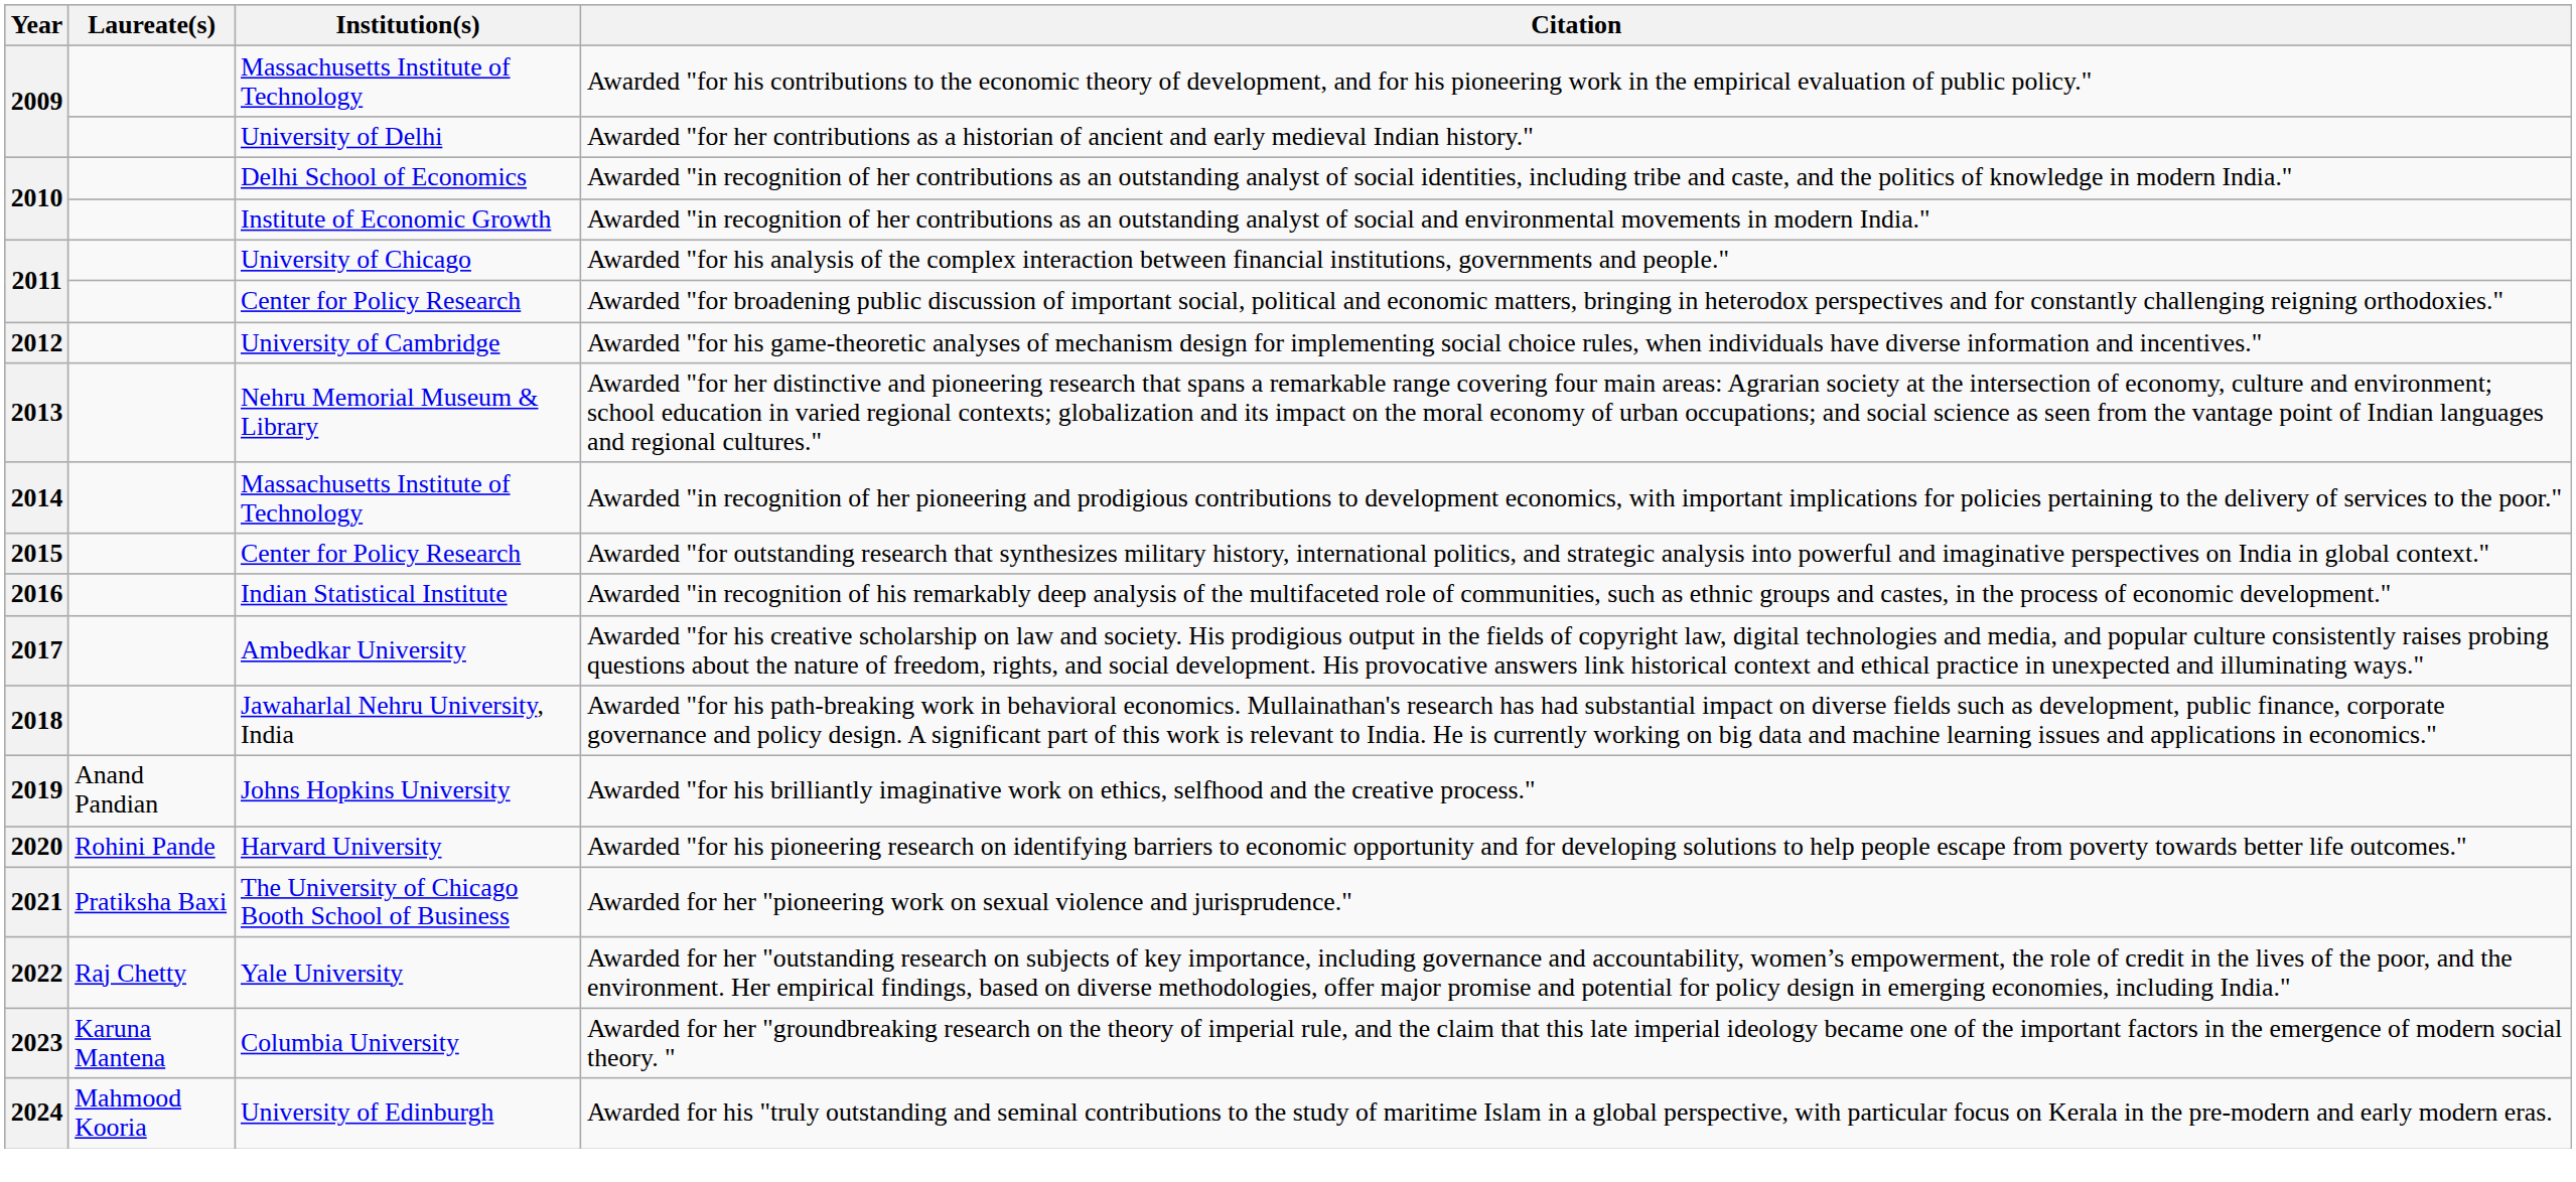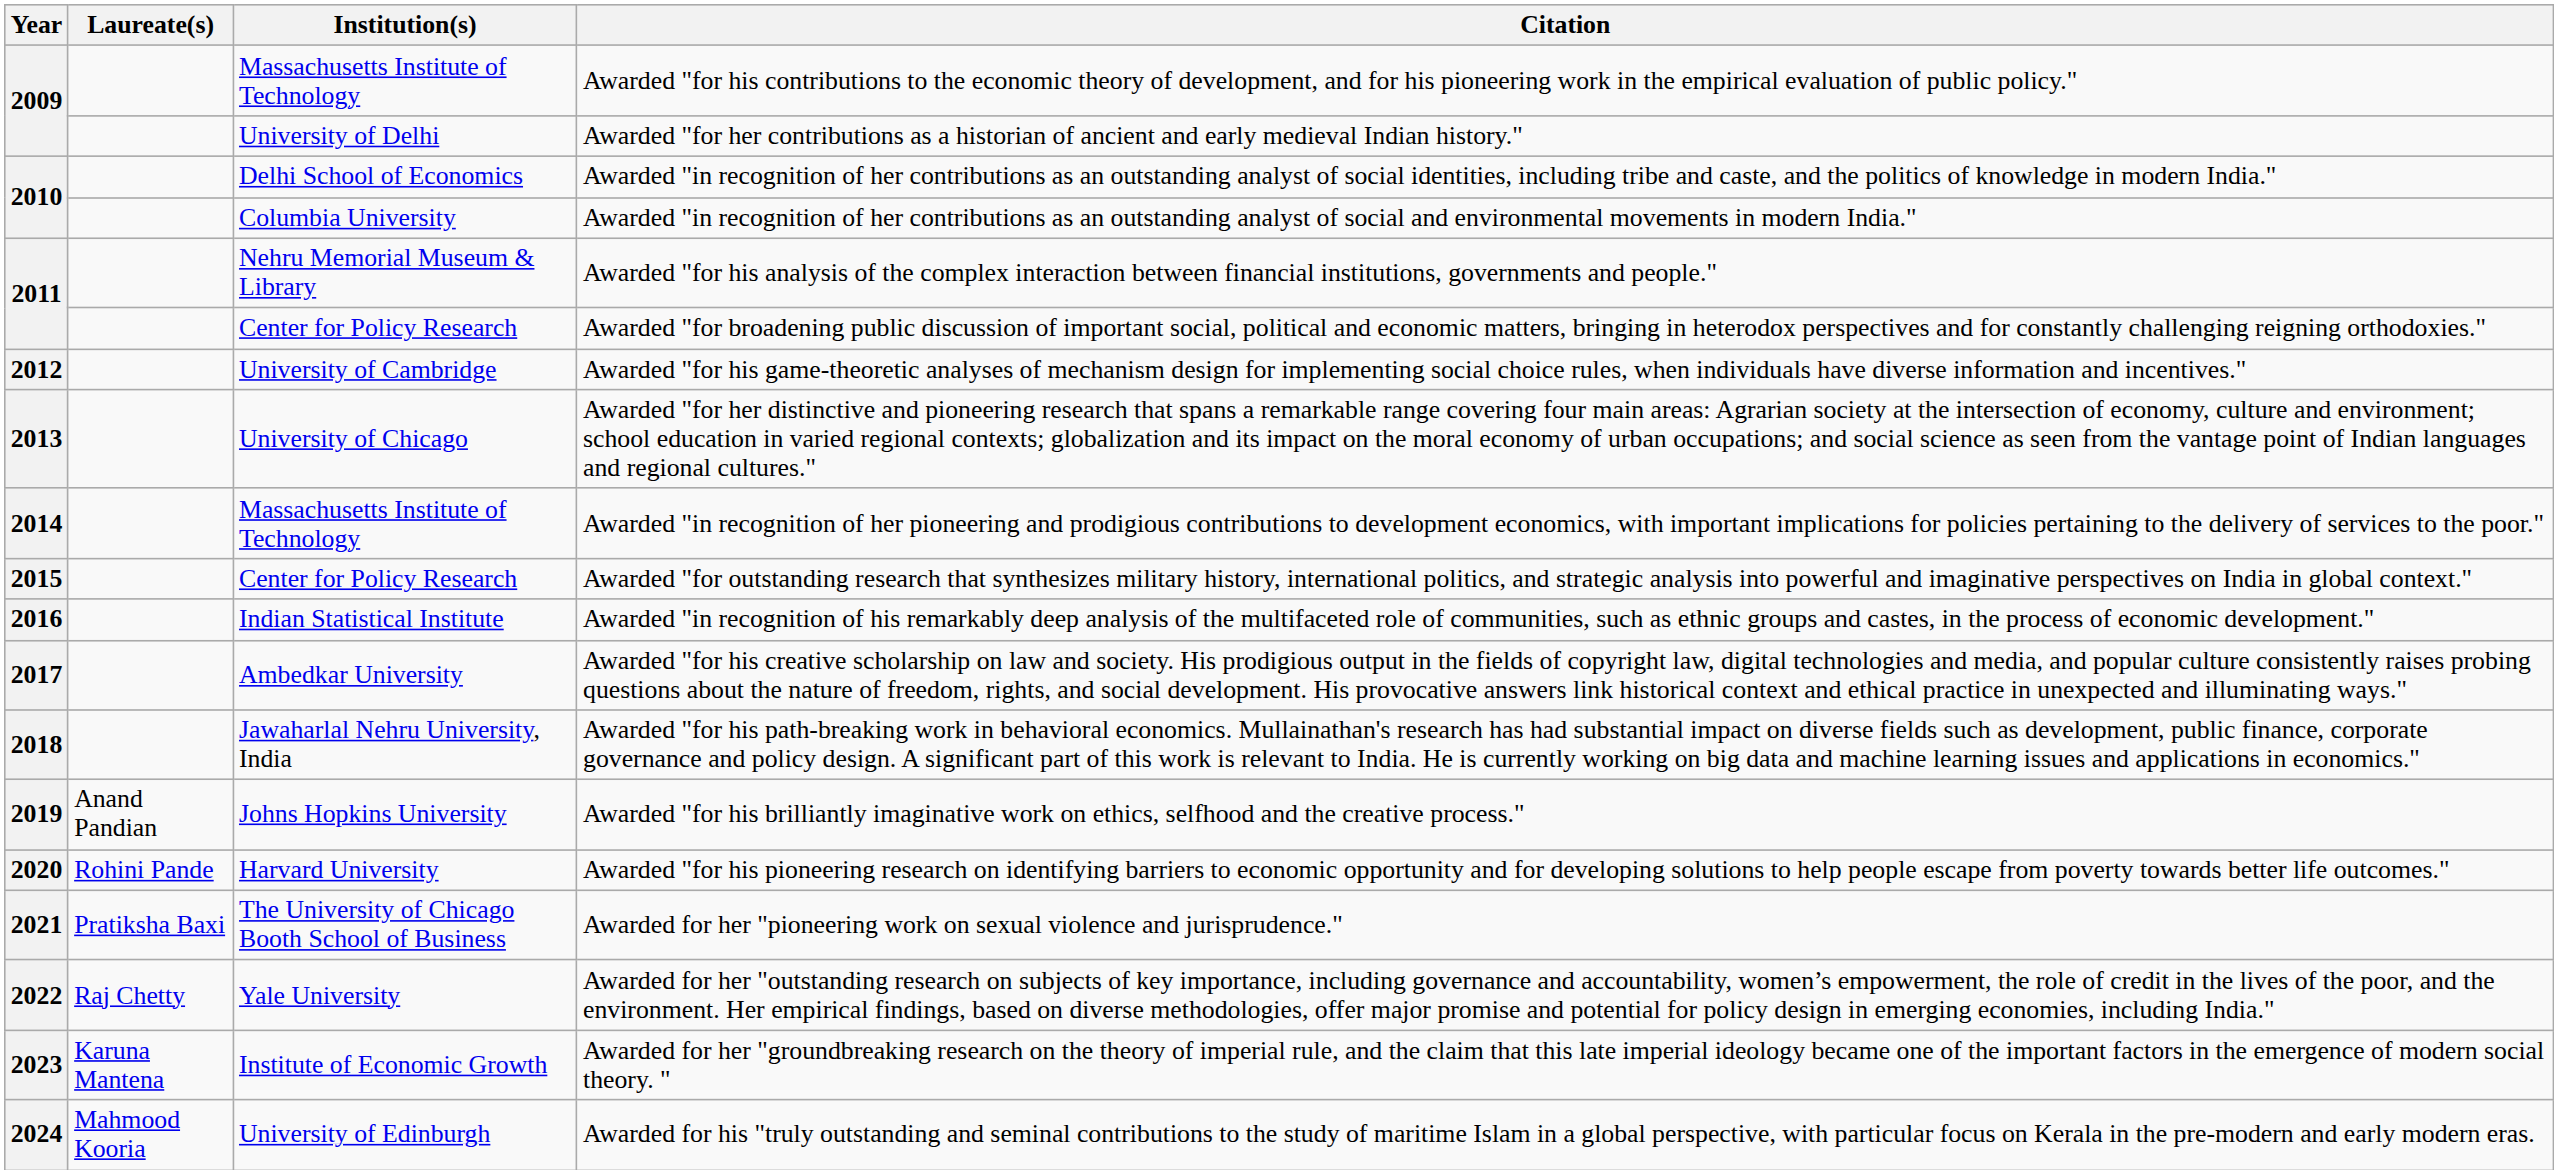 <table style="margin:auto;"  class="wikitable sortable plainrowheaders">
 <tr>
 <th scope=col>Year</th>
 <th scope=col>Laureate(s)</th>
 <th scope=col>Institution(s)</th>
 <th scope=col class=unsortable>Citation</th>
 </tr>
 <tr>
 <th scope=row rowspan="2">2009</th>
 <td></td>
 <td><a href='#'>Massachusetts Institute of Technology</a></td>
 <td>Awarded "for his contributions to the economic theory of development, and for his pioneering work in the empirical evaluation of public policy."</td>
 </tr>
 <tr>
 <td></td>
 <td><a href='#'>University of Delhi</a></td>
 <td>Awarded "for her contributions as a historian of ancient and early medieval Indian history."</td>
 </tr>
 <tr>
 <th scope=row rowspan="2">2010</th>
 <td></td>
 <td><a href='#'>Delhi School of Economics</a></td>
 <td>Awarded "in recognition of her contributions as an outstanding analyst of social identities, including tribe and caste, and the politics of knowledge in modern India."</td>
 </tr>
 <tr>
 <td></td>
-<td><a href='#'>Institute of Economic Growth</a></td>
+<td><a href='#'>Columbia University</a></td>
 <td>Awarded "in recognition of her contributions as an outstanding analyst of social and environmental movements in modern India."</td>
 </tr>
 <tr>
 <th scope=row rowspan="2">2011</th>
 <td></td>
-<td><a href='#'>University of Chicago</a></td>
+<td><a href='#'>Nehru Memorial Museum & Library</a></td>
 <td>Awarded "for his analysis of the complex interaction between financial institutions, governments and people."</td>
 </tr>
 <tr>
 <td></td>
 <td><a href='#'>Center for Policy Research</a></td>
 <td>Awarded "for broadening public discussion of important social, political and economic matters, bringing in heterodox perspectives and for constantly challenging reigning orthodoxies."</td>
 </tr>
 <tr>
 <th scope=row>2012</th>
 <td></td>
 <td><a href='#'>University of Cambridge</a></td>
 <td>Awarded "for his game-theoretic analyses of mechanism design for implementing social choice rules, when individuals have diverse information and incentives."</td>
 </tr>
 <tr>
 <th scope=row>2013</th>
 <td></td>
-<td><a href='#'>Nehru Memorial Museum & Library</a></td>
+<td><a href='#'>University of Chicago</a></td>
 <td>Awarded "for her distinctive and pioneering research that spans a remarkable range covering four main areas: Agrarian society at the intersection of economy, culture and environment; school education in varied regional contexts; globalization and its impact on the moral economy of urban occupations; and social science as seen from the vantage point of Indian languages and regional cultures."</td>
 </tr>
 <tr>
 <th scope=row>2014</th>
 <td></td>
 <td><a href='#'>Massachusetts Institute of Technology</a></td>
 <td>Awarded "in recognition of her pioneering and prodigious contributions to development economics, with important implications for policies pertaining to the delivery of services to the poor."</td>
 </tr>
 <tr>
 <th scope=row>2015</th>
 <td></td>
 <td><a href='#'>Center for Policy Research</a></td>
 <td>Awarded "for outstanding research that synthesizes military history, international politics, and strategic analysis into powerful and imaginative perspectives on India in global context."</td>
 </tr>
 <tr>
 <th scope=row>2016</th>
 <td></td>
 <td><a href='#'>Indian Statistical Institute</a></td>
 <td>Awarded "in recognition of his remarkably deep analysis of the multifaceted role of communities, such as ethnic groups and castes, in the process of economic development."</td>
 </tr>
 <tr>
 <th scope=row>2017</th>
 <td></td>
 <td><a href='#'>Ambedkar University</a></td>
 <td>Awarded "for his creative scholarship on law and society. His prodigious output in the fields of copyright law, digital technologies and media, and popular culture consistently raises probing questions about the nature of freedom, rights, and social development. His provocative answers link historical context and ethical practice in unexpected and illuminating ways."</td>
 </tr>
 <tr>
 <th scope=row>2018</th>
 <td></td>
 <td><a href='#'>Jawaharlal Nehru University</a>, India</td>
 <td>Awarded "for his path-breaking work in behavioral economics. Mullainathan's research has had substantial impact on diverse fields such as development, public finance, corporate governance and policy design. A significant part of this work is relevant to India. He is currently working on big data and machine learning issues and applications in economics."</td>
 </tr>
 <tr>
 <th scope=row>2019</th>
 <td>Anand Pandian</td>
 <td><a href='#'>Johns Hopkins University</a></td>
 <td>Awarded "for his brilliantly imaginative work on ethics, selfhood and the creative process."</td>
 </tr>
 <tr>
 <th scope=row>2020</th>
 <td><a href='#'>Rohini Pande</a></td>
 <td><a href='#'>Harvard University</a></td>
 <td>Awarded "for his pioneering research on identifying barriers to economic opportunity and for developing solutions to help people escape from poverty towards better life outcomes."</td>
 </tr>
 <tr>
 <th scope=row>2021</th>
 <td><a href='#'>Pratiksha Baxi</a></td>
 <td><a href='#'>The University of Chicago Booth School of Business</a></td>
 <td>Awarded for her "pioneering work on sexual violence and jurisprudence."</td>
 </tr>
 <tr>
 <th>2022</th>
 <td><a href='#'>Raj Chetty</a></td>
 <td><a href='#'>Yale University</a></td>
 <td>Awarded for her "outstanding research on subjects of key importance, including governance and accountability, women’s empowerment, the role of credit in the lives of the poor, and the environment. Her empirical findings, based on diverse methodologies, offer major promise and potential for policy design in emerging economies, including India."</td>
 </tr>
 <tr>
 <th>2023</th>
 <td><a href='#'>Karuna Mantena</a></td>
-<td><a href='#'>Columbia University</a></td>
+<td><a href='#'>Institute of Economic Growth</a></td>
 <td>Awarded for her "groundbreaking research on the theory of imperial rule, and the claim that this late imperial ideology became one of the important factors in the emergence of modern social theory. "</td>
 </tr>
 <tr>
 <th>2024</th>
 <td><a href='#'>Mahmood Kooria</a></td>
 <td><a href='#'>University of Edinburgh</a></td>
 <td>Awarded for his "truly outstanding and seminal contributions to the study of maritime Islam in a global perspective, with particular focus on Kerala in the pre-modern and early modern eras.</td>
 </tr>
 </table>
